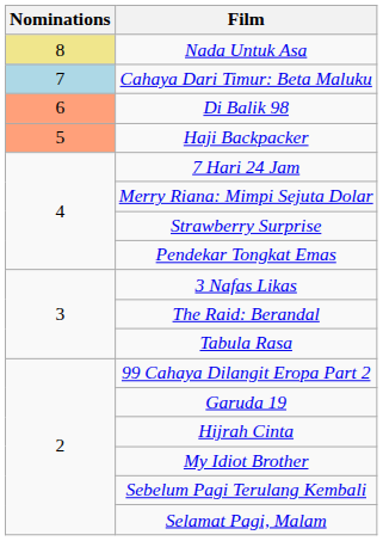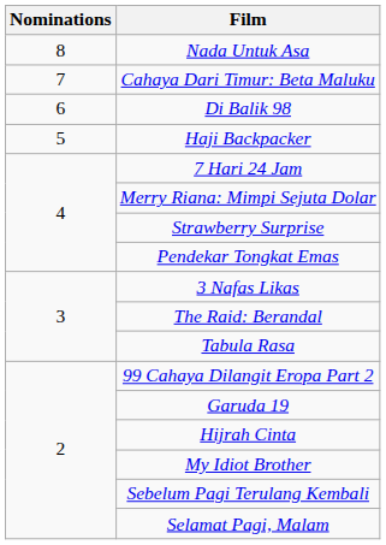 <table class="wikitable">
 <tr>
 <th>Nominations</th>
 <th>Film</th>
 </tr>
 <tr>
-<td style="background: khaki; text-align:center">8</td>
+<td style="text-align:center">8</td>
 <td style="text-align:center"><em><a href='#'>Nada Untuk Asa</a></em></td>
 </tr>
 <tr>
-<td style="background: lightblue; text-align:center">7</td>
+<td style="text-align:center">7</td>
 <td style="text-align:center"><em><a href='#'>Cahaya Dari Timur: Beta Maluku</a></em></td>
 </tr>
 <tr>
-<td style="background: lightsalmon; text-align:center">6</td>
+<td style="text-align:center">6</td>
 <td style="text-align:center"><em><a href='#'>Di Balik 98</a></em></td>
 </tr>
 <tr>
-<td style="background: lightsalmon; text-align:center">5</td>
+<td style="text-align:center">5</td>
 <td style="text-align:center"><em><a href='#'>Haji Backpacker</a></em></td>
 </tr>
 <tr>
 <td style="text-align:center" rowspan= "4">4</td>
 <td style="text-align:center"><em><a href='#'>7 Hari 24 Jam</a></em></td>
 </tr>
 <tr>
 <td style="text-align:center"><em><a href='#'>Merry Riana: Mimpi Sejuta Dolar</a></em></td>
 </tr>
 <tr>
 <td style="text-align:center"><em><a href='#'>Strawberry Surprise</a></em></td>
 </tr>
 <tr>
 <td style="text-align:center"><em><a href='#'>Pendekar Tongkat Emas</a></em></td>
 </tr>
 <tr>
 <td style="text-align:center" rowspan= "3">3</td>
 <td style="text-align:center"><em><a href='#'>3 Nafas Likas</a></em></td>
 </tr>
 <tr>
 <td style="text-align:center"><em><a href='#'>The Raid: Berandal</a></em></td>
 </tr>
 <tr>
 <td style="text-align:center"><em><a href='#'>Tabula Rasa</a></em></td>
 </tr>
 <tr>
 <td style="text-align:center" rowspan= "6">2</td>
 <td style="text-align:center"><em><a href='#'>99 Cahaya Dilangit Eropa Part 2</a></em></td>
 </tr>
 <tr>
 <td style="text-align:center"><em><a href='#'>Garuda 19</a></em></td>
 </tr>
 <tr>
 <td style="text-align:center"><em><a href='#'>Hijrah Cinta</a></em></td>
 </tr>
 <tr>
 <td style="text-align:center"><em><a href='#'>My Idiot Brother</a></em></td>
 </tr>
 <tr>
 <td style="text-align:center"><em><a href='#'>Sebelum Pagi Terulang Kembali</a></em></td>
 </tr>
 <tr>
 <td style="text-align:center"><em><a href='#'>Selamat Pagi, Malam</a></em></td>
 </tr>
 </table>
